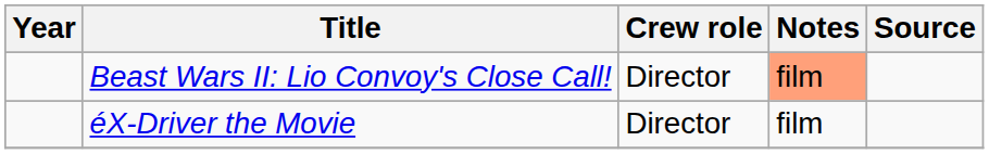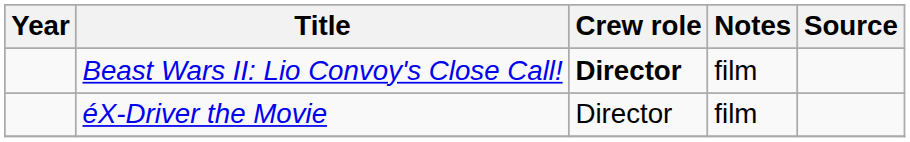 <table class="wikitable sortable plainrowheaders">
 <tr>
 <th>Year</th>
 <th>Title</th>
 <th>Crew role</th>
 <th class="unsortable">Notes</th>
 <th class="unsortable">Source</th>
 </tr>
 <tr>
 <td></td>
 <td><em><a href='#'>Beast Wars II: Lio Convoy's Close Call!</a></em></td>
-<td> Director</td>
-<td style="background: lightsalmon;">film</td>
+<td><strong> Director</strong></td>
+<td>film</td>
 <td></td>
 </tr>
 <tr>
 <td></td>
 <td><em><a href='#'>éX-Driver the Movie</a></em></td>
 <td>Director</td>
 <td>film</td>
 <td></td>
 </tr>
 <tr>
 </tr>
 </table>
